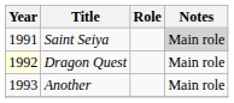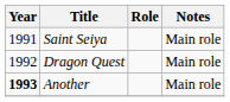 <table class="wikitable">
 <tr>
 <th>Year</th>
 <th>Title</th>
 <th>Role</th>
 <th>Notes</th>
 </tr>
 <tr>
 <td>1991</td>
 <td><em>Saint Seiya</em></td>
 <td></td>
-<td style="background: lightgrey;">Main role</td>
+<td>Main role</td>
 </tr>
 <tr>
-<td style="background: lightyellow;">1992</td>
+<td>1992</td>
 <td><em>Dragon Quest</em></td>
 <td></td>
 <td>Main role</td>
 </tr>
 <tr>
-<td>1993</td>
+<td><strong>1993</strong></td>
 <td><em>Another</em></td>
 <td></td>
 <td>Main role</td>
 </tr>
 <tr>
 </tr>
 <tr>
 </tr>
 </table>
